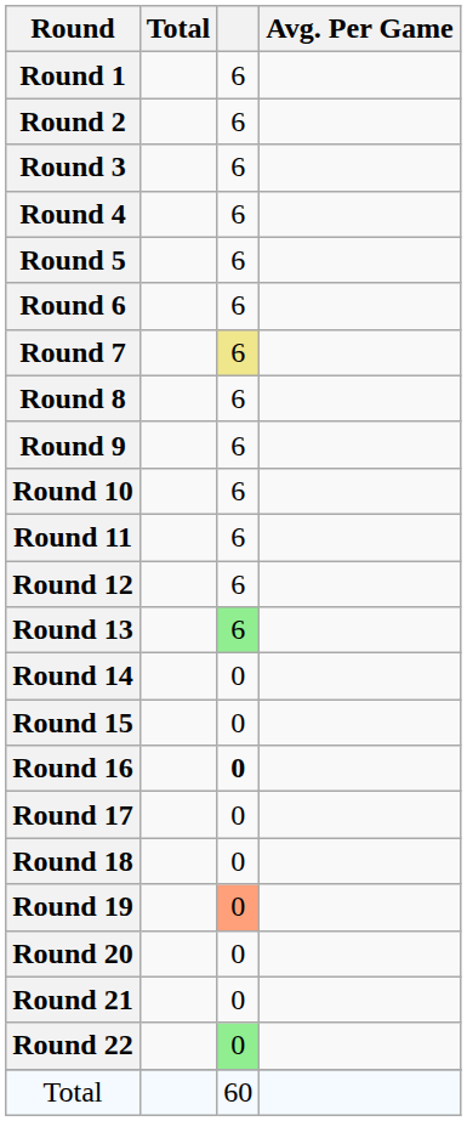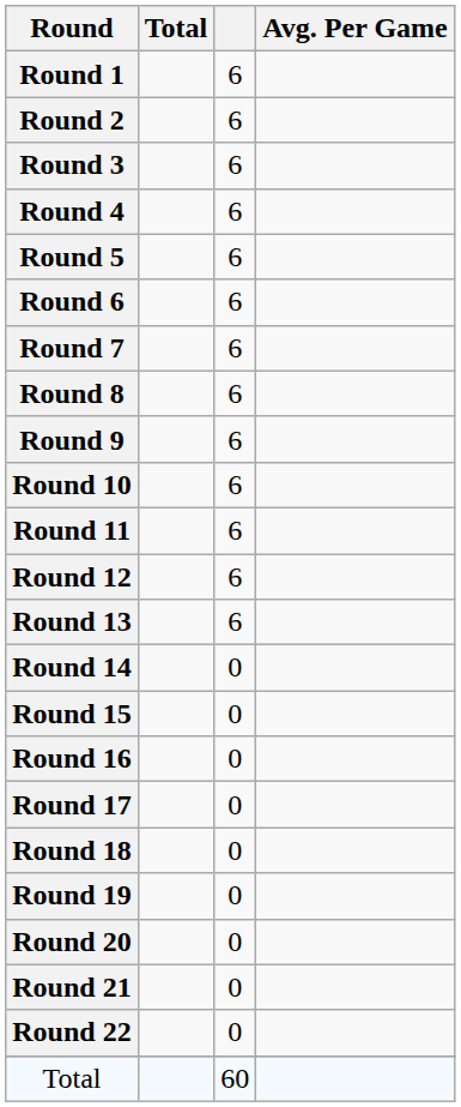 <table class="wikitable plainrowheaders sortable" style="text-align:center;">
 <tr>
 <th>Round</th>
 <th>Total</th>
 <th></th>
 <th>Avg. Per Game</th>
 </tr>
 <tr>
 <th scope='row'>Round 1</th>
 <td></td>
 <td>6</td>
 <td></td>
 </tr>
 <tr>
 <th scope='row'>Round 2</th>
 <td></td>
 <td>6</td>
 <td></td>
 </tr>
 <tr>
 <th scope='row'>Round 3</th>
 <td></td>
 <td>6</td>
 <td></td>
 </tr>
 <tr>
 <th scope='row'>Round 4</th>
 <td></td>
 <td>6</td>
 <td></td>
 </tr>
 <tr>
 <th scope='row'>Round 5</th>
 <td></td>
 <td>6</td>
 <td></td>
 </tr>
 <tr>
 <th scope='row'>Round 6</th>
 <td></td>
 <td>6</td>
 <td></td>
 </tr>
 <tr>
 <th scope='row'>Round 7</th>
 <td></td>
-<td style="background: khaki;">6</td>
+<td>6</td>
 <td></td>
 </tr>
 <tr>
 <th scope='row'>Round 8</th>
 <td></td>
 <td>6</td>
 <td></td>
 </tr>
 <tr>
 <th scope='row'>Round 9</th>
 <td></td>
 <td>6</td>
 <td></td>
 </tr>
 <tr>
 <th scope='row'>Round 10</th>
 <td></td>
 <td>6</td>
 <td></td>
 </tr>
 <tr>
 <th scope='row'>Round 11</th>
 <td></td>
 <td>6</td>
 <td></td>
 </tr>
 <tr>
 <th scope='row'>Round 12</th>
 <td></td>
 <td>6</td>
 <td></td>
 </tr>
 <tr>
 <th scope='row'>Round 13</th>
 <td></td>
-<td style="background: lightgreen;">6</td>
+<td>6</td>
 <td></td>
 </tr>
 <tr>
 <th scope='row'>Round 14</th>
 <td></td>
 <td>0</td>
 <td></td>
 </tr>
 <tr>
 <th scope='row'>Round 15</th>
 <td></td>
 <td>0</td>
 <td></td>
 </tr>
 <tr>
 <th scope='row'>Round 16</th>
 <td></td>
-<td><strong>0</strong></td>
+<td>0</td>
 <td></td>
 </tr>
 <tr>
 <th scope='row'>Round 17</th>
 <td></td>
 <td>0</td>
 <td></td>
 </tr>
 <tr>
 <th scope='row'>Round 18</th>
 <td></td>
 <td>0</td>
 <td></td>
 </tr>
 <tr>
 <th scope='row'>Round 19</th>
 <td></td>
-<td style="background: lightsalmon;">0</td>
+<td>0</td>
 <td></td>
 </tr>
 <tr>
 <th scope='row'>Round 20</th>
 <td></td>
 <td>0</td>
 <td></td>
 </tr>
 <tr>
 <th scope='row'>Round 21</th>
 <td></td>
 <td>0</td>
 <td></td>
 </tr>
 <tr>
 <th scope='row'>Round 22</th>
 <td></td>
-<td style="background: lightgreen;">0</td>
+<td>0</td>
 <td></td>
 </tr>
 <tr>
 </tr>
 <tr style="background:#f4faff;">
 <td>Total</td>
 <td></td>
 <td>60</td>
 <td></td>
 </tr>
 </table>
